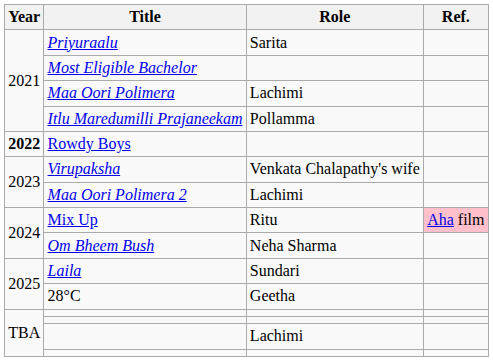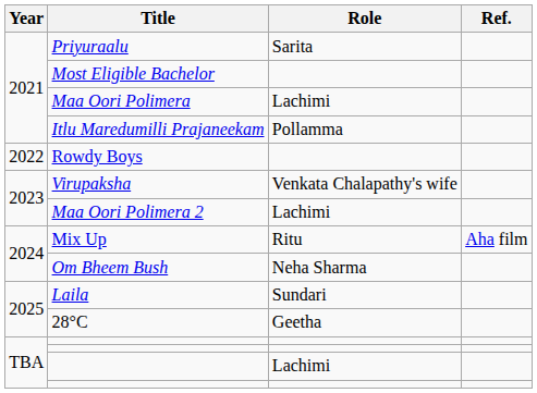 <table class="wikitable sortable">
 <tr style="text-align:center;">
 <th style="text-align:center;">Year</th>
 <th style="text-align:center;">Title</th>
 <th style="text-align:center;">Role</th>
 <th style="text-align:center;">Ref.</th>
 </tr>
 <tr>
 <td rowspan=4>2021</td>
 <td><em><a href='#'>Priyuraalu</a></em></td>
 <td>Sarita</td>
 <td></td>
 </tr>
 <tr>
 <td><em><a href='#'>Most Eligible Bachelor</a></em></td>
 <td></td>
 <td></td>
 </tr>
 <tr>
 <td><em><a href='#'>Maa Oori Polimera</a></em></td>
 <td>Lachimi</td>
 <td></td>
 </tr>
 <tr>
 <td><em><a href='#'>Itlu Maredumilli Prajaneekam</a></em></td>
 <td>Pollamma</td>
 <td></td>
 </tr>
 <tr>
-<td><strong>2022</strong></td>
+<td>2022</td>
 <td><a href='#'>Rowdy Boys</a></td>
 <td></td>
 <td></td>
 </tr>
 <tr>
 <td rowspan=2>2023</td>
 <td><em><a href='#'>Virupaksha</a></em></td>
 <td>Venkata Chalapathy's wife</td>
 <td></td>
 </tr>
 <tr>
 <td><em><a href='#'>Maa Oori Polimera 2</a></em></td>
 <td>Lachimi</td>
 <td></td>
 </tr>
 <tr>
 <td rowspan="2">2024</td>
 <td><a href='#'>Mix Up</a></td>
 <td>Ritu</td>
-<td style="background: pink;"><a href='#'>Aha</a> film</td>
+<td><a href='#'>Aha</a> film</td>
 </tr>
 <tr>
 <td><em><a href='#'>Om Bheem Bush</a></em></td>
 <td>Neha Sharma</td>
 <td></td>
 </tr>
 <tr>
 <td rowspan="2">2025</td>
 <td><em><a href='#'>Laila</a></em></td>
 <td>Sundari</td>
 <td></td>
 </tr>
 <tr>
 <td>28°C</td>
 <td>Geetha</td>
 <td></td>
 </tr>
 <tr>
 <td rowspan="4">TBA</td>
 <td></td>
 <td></td>
 <td></td>
 </tr>
 <tr>
 <td></td>
 <td></td>
 <td></td>
 </tr>
 <tr>
 <td></td>
 <td>Lachimi</td>
 <td></td>
 </tr>
 <tr>
 <td></td>
 <td></td>
 <td></td>
 </tr>
 </table>
